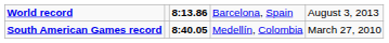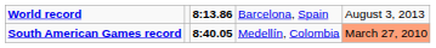 <table class="wikitable">
 <tr>
 <td><strong><a href='#'>World record</a></strong></td>
 <td></td>
 <td><strong>8:13.86</strong></td>
 <td><a href='#'>Barcelona</a>, <a href='#'>Spain</a></td>
 <td>August 3, 2013</td>
 </tr>
 <tr>
 <td><strong><a href='#'>South American Games record</a></strong></td>
 <td></td>
 <td><strong>8:40.05</strong></td>
 <td><a href='#'>Medellín</a>, <a href='#'>Colombia</a></td>
-<td>March 27, 2010</td>
+<td style="background: lightsalmon;">March 27, 2010</td>
 </tr>
 </table>
